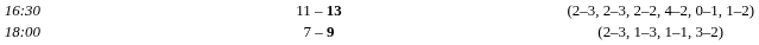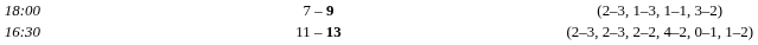 <table style="text-align:center">
 <tr>
 <th width=100></th>
 <th width=200></th>
 <th width=100></th>
 <th width=200></th>
 </tr>
 <tr>
+<td><em>18:00</em></td>
+<td align=right></td>
+<td>7 – <strong>9</strong></td>
+<td align=left><strong></strong></td>
+<td>(2–3, 1–3, 1–1, 3–2)</td>
+</tr>
+<tr>
 <td><em>16:30</em></td>
 <td align=right></td>
 <td>11 – <strong>13</strong></td>
 <td align=left><strong></strong></td>
 <td>(2–3, 2–3, 2–2, 4–2, 0–1, 1–2)</td>
 </tr>
-<tr>
-<td><em>18:00</em></td>
-<td align=right></td>
-<td>7 – <strong>9</strong></td>
-<td align=left><strong></strong></td>
-<td>(2–3, 1–3, 1–1, 3–2)</td>
-</tr>
 </table>
